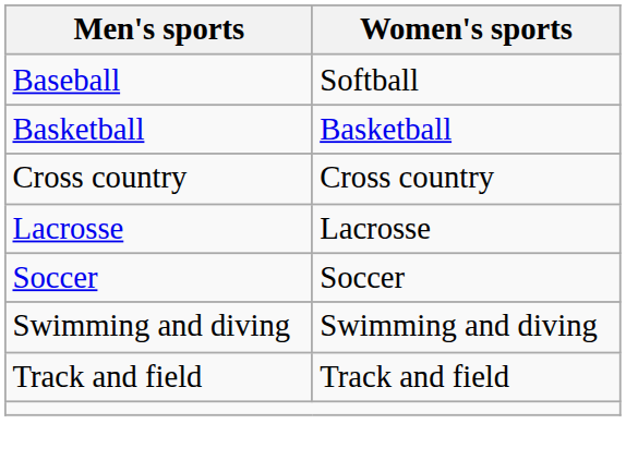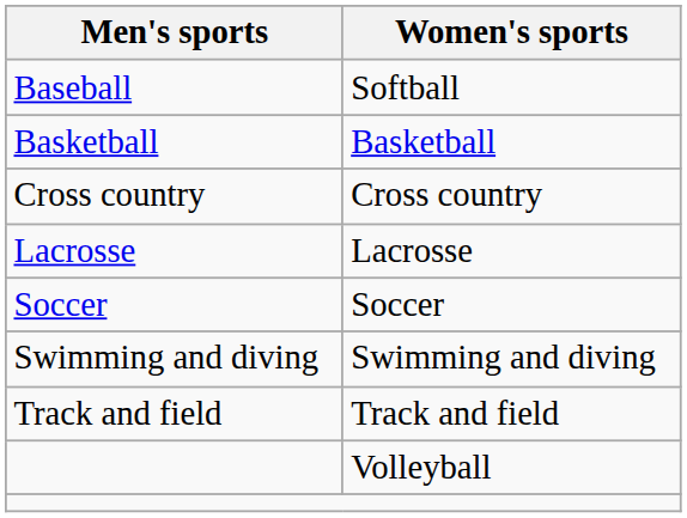 <table class="wikitable"; style= "text-align: ">
 <tr>
 <th width=150px>Men's sports</th>
 <th width=150px>Women's sports</th>
 </tr>
 <tr>
 <td><a href='#'>Baseball</a></td>
 <td>Softball</td>
 </tr>
 <tr>
 <td><a href='#'>Basketball</a></td>
 <td><a href='#'>Basketball</a></td>
 </tr>
 <tr>
 <td>Cross country</td>
 <td>Cross country</td>
 </tr>
 <tr>
 <td><a href='#'>Lacrosse</a></td>
 <td>Lacrosse</td>
 </tr>
 <tr>
 <td><a href='#'>Soccer</a></td>
 <td>Soccer</td>
 </tr>
 <tr>
 <td>Swimming and diving</td>
 <td>Swimming and diving</td>
 </tr>
 <tr>
 <td>Track and field</td>
 <td>Track and field</td>
 </tr>
 <tr>
+<td></td>
+<td>Volleyball</td>
+</tr>
+<tr>
 <td colspan="2"></td>
 </tr>
 </table>
